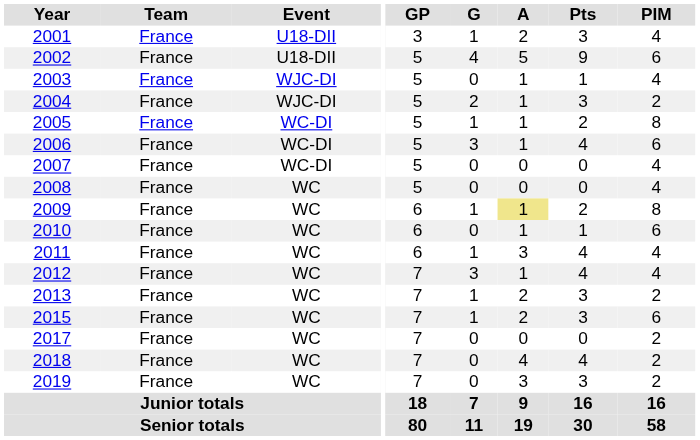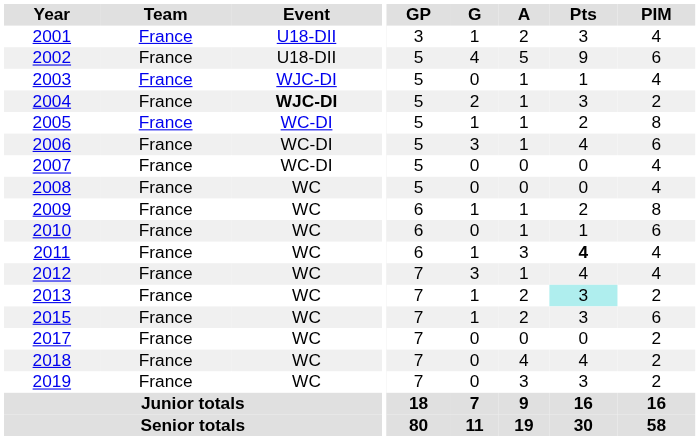 <table border="0" cellpadding="1" cellspacing="0" ID="Table3" style="text-align:center; width:40em">
 <tr bgcolor="#e0e0e0">
 <th>Year</th>
 <th>Team</th>
 <th>Event</th>
 <th rowspan="102" bgcolor="#ffffff"></th>
 <th>GP</th>
 <th>G</th>
 <th>A</th>
 <th>Pts</th>
 <th>PIM</th>
 </tr>
 <tr>
 <td><a href='#'>2001</a></td>
 <td><a href='#'>France</a></td>
 <td><a href='#'>U18-DII</a></td>
 <td>3</td>
 <td>1</td>
 <td>2</td>
 <td>3</td>
 <td>4</td>
 </tr>
 <tr bgcolor="#f0f0f0">
 <td><a href='#'>2002</a></td>
 <td>France</td>
 <td>U18-DII</td>
 <td>5</td>
 <td>4</td>
 <td>5</td>
 <td>9</td>
 <td>6</td>
 </tr>
 <tr>
 <td><a href='#'>2003</a></td>
 <td><a href='#'>France</a></td>
 <td><a href='#'>WJC-DI</a></td>
 <td>5</td>
 <td>0</td>
 <td>1</td>
 <td>1</td>
 <td>4</td>
 </tr>
 <tr bgcolor="#f0f0f0">
 <td><a href='#'>2004</a></td>
 <td>France</td>
-<td>WJC-DI</td>
+<td><strong>WJC-DI</strong></td>
 <td>5</td>
 <td>2</td>
 <td>1</td>
 <td>3</td>
 <td>2</td>
 </tr>
 <tr>
 <td><a href='#'>2005</a></td>
 <td><a href='#'>France</a></td>
 <td><a href='#'>WC-DI</a></td>
 <td>5</td>
 <td>1</td>
 <td>1</td>
 <td>2</td>
 <td>8</td>
 </tr>
 <tr bgcolor="#f0f0f0">
 <td><a href='#'>2006</a></td>
 <td>France</td>
 <td>WC-DI</td>
 <td>5</td>
 <td>3</td>
 <td>1</td>
 <td>4</td>
 <td>6</td>
 </tr>
 <tr>
 <td><a href='#'>2007</a></td>
 <td>France</td>
 <td>WC-DI</td>
 <td>5</td>
 <td>0</td>
 <td>0</td>
 <td>0</td>
 <td>4</td>
 </tr>
 <tr bgcolor="#f0f0f0">
 <td><a href='#'>2008</a></td>
 <td>France</td>
 <td>WC</td>
 <td>5</td>
 <td>0</td>
 <td>0</td>
 <td>0</td>
 <td>4</td>
 </tr>
 <tr>
 <td><a href='#'>2009</a></td>
 <td>France</td>
 <td>WC</td>
 <td>6</td>
 <td>1</td>
-<td style="background: khaki;">1</td>
+<td>1</td>
 <td>2</td>
 <td>8</td>
 </tr>
 <tr bgcolor="#f0f0f0">
 <td><a href='#'>2010</a></td>
 <td>France</td>
 <td>WC</td>
 <td>6</td>
 <td>0</td>
 <td>1</td>
 <td>1</td>
 <td>6</td>
 </tr>
 <tr>
 <td><a href='#'>2011</a></td>
 <td>France</td>
 <td>WC</td>
 <td>6</td>
 <td>1</td>
 <td>3</td>
-<td>4</td>
+<td><strong>4</strong></td>
 <td>4</td>
 </tr>
 <tr bgcolor="#f0f0f0">
 <td><a href='#'>2012</a></td>
 <td>France</td>
 <td>WC</td>
 <td>7</td>
 <td>3</td>
 <td>1</td>
 <td>4</td>
 <td>4</td>
 </tr>
 <tr>
 <td><a href='#'>2013</a></td>
 <td>France</td>
 <td>WC</td>
 <td>7</td>
 <td>1</td>
 <td>2</td>
-<td>3</td>
+<td style="background: paleturquoise;">3</td>
 <td>2</td>
 </tr>
 <tr bgcolor="#f0f0f0">
 <td><a href='#'>2015</a></td>
 <td>France</td>
 <td>WC</td>
 <td>7</td>
 <td>1</td>
 <td>2</td>
 <td>3</td>
 <td>6</td>
 </tr>
 <tr>
 <td><a href='#'>2017</a></td>
 <td>France</td>
 <td>WC</td>
 <td>7</td>
 <td>0</td>
 <td>0</td>
 <td>0</td>
 <td>2</td>
 </tr>
 <tr bgcolor="#f0f0f0">
 <td><a href='#'>2018</a></td>
 <td>France</td>
 <td>WC</td>
 <td>7</td>
 <td>0</td>
 <td>4</td>
 <td>4</td>
 <td>2</td>
 </tr>
 <tr>
 <td><a href='#'>2019</a></td>
 <td>France</td>
 <td>WC</td>
 <td>7</td>
 <td>0</td>
 <td>3</td>
 <td>3</td>
 <td>2</td>
 </tr>
 <tr bgcolor="#e0e0e0">
 <th colspan=3>Junior totals</th>
 <th>18</th>
 <th>7</th>
 <th>9</th>
 <th>16</th>
 <th>16</th>
 </tr>
 <tr bgcolor="#e0e0e0">
 <th colspan=3>Senior totals</th>
 <th>80</th>
 <th>11</th>
 <th>19</th>
 <th>30</th>
 <th>58</th>
 </tr>
 </table>
